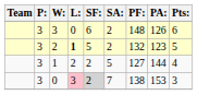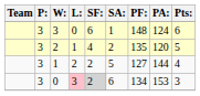 <table class="wikitable">
 <tr>
 <th>Team</th>
 <th>P:</th>
 <th>W:</th>
 <th>L:</th>
 <th>SF:</th>
 <th>SA:</th>
 <th>PF:</th>
 <th>PA:</th>
 <th>Pts:</th>
 </tr>
 <tr valign="top">
 </tr>
 <tr bgcolor="#ffffcc">
 <td></td>
 <td>3</td>
 <td>3</td>
 <td>0</td>
 <td>6</td>
-<td>2</td>
+<td>1</td>
 <td>148</td>
-<td>126</td>
+<td>124</td>
 <td>6</td>
 </tr>
 <tr bgcolor="#ffffcc">
 <td></td>
 <td>3</td>
 <td>2</td>
-<td><strong>1</strong></td>
-<td>5</td>
+<td>1</td>
+<td>4</td>
 <td>2</td>
-<td>132</td>
-<td>123</td>
+<td>135</td>
+<td>120</td>
 <td>5</td>
 </tr>
 <tr>
 <td></td>
 <td>3</td>
 <td>1</td>
 <td>2</td>
 <td>2</td>
 <td>5</td>
 <td>127</td>
 <td>144</td>
 <td>4</td>
 </tr>
 <tr>
 <td></td>
 <td>3</td>
 <td>0</td>
 <td style="background: pink;">3</td>
 <td style="background: lightgrey;">2</td>
-<td>7</td>
-<td>138</td>
+<td>6</td>
+<td>134</td>
 <td>153</td>
 <td>3</td>
 </tr>
 <tr>
 </tr>
 </table>
